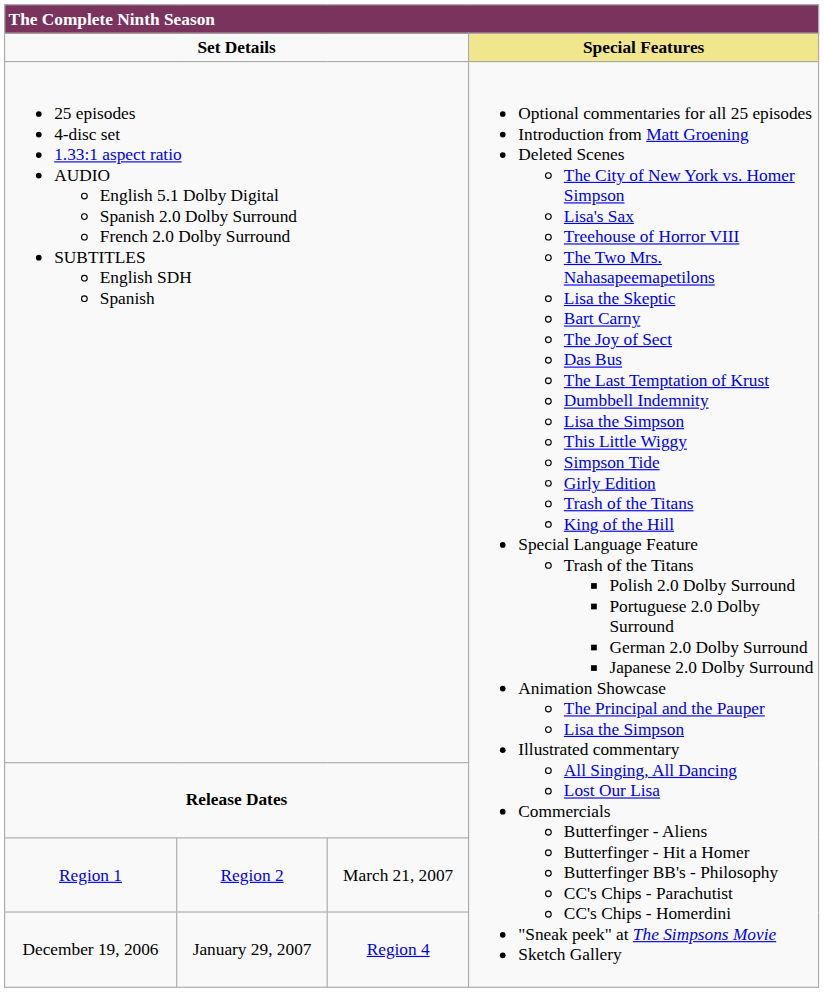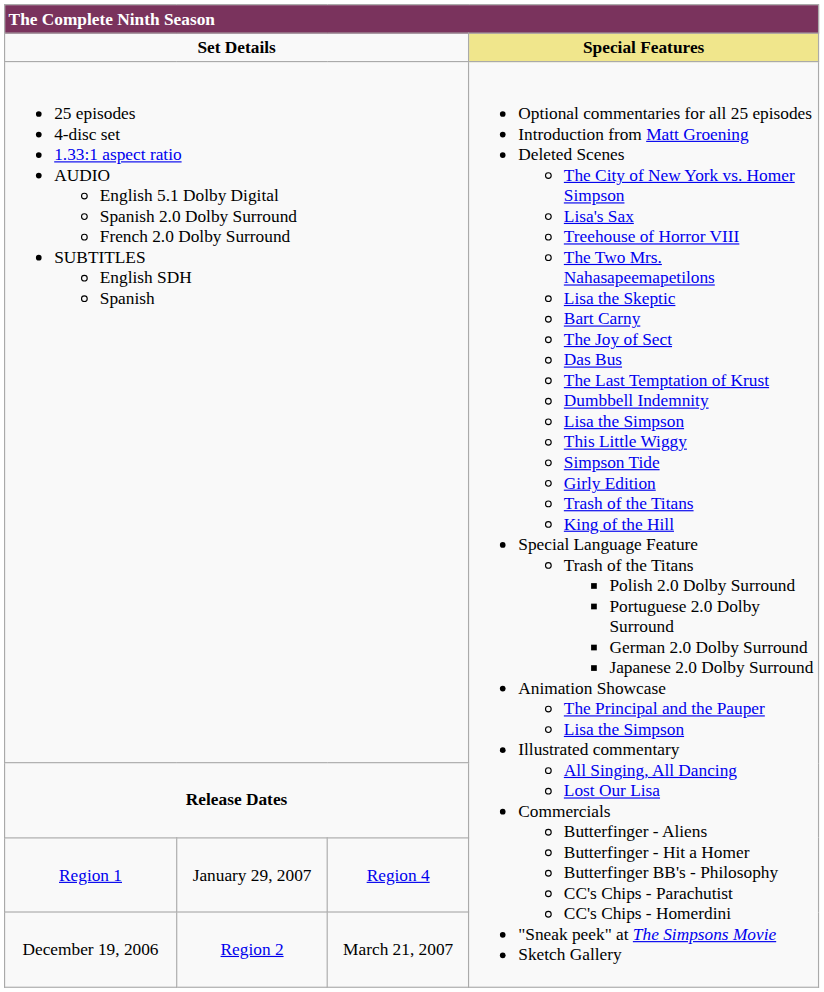 <table class="wikitable" style="font-size: 95%;">
 <tr>
 <td colspan="5" style="background-color: #7a335d; color:#FFFFFF;"><strong>The Complete Ninth Season</strong></td>
 </tr>
 <tr valign="top">
 <td align="center" width="400" colspan="3"><strong>Set Details</strong></td>
 <td width="300" align="center" style="background: khaki;"><strong>Special Features</strong></td>
 </tr>
 <tr valign="top">
 <td colspan="3" align="left" width="400"><br><ul><li>25 episodes</li><li>4-disc set</li><li><a href='#'>1.33:1 aspect ratio</a></li><li>AUDIO<ul><li>English 5.1 Dolby Digital</li><li>Spanish 2.0 Dolby Surround</li><li>French 2.0 Dolby Surround</li></ul></li><li>SUBTITLES<ul><li>English SDH</li><li>Spanish</li></ul></li></ul></td>
 <td rowspan="4" align="left" width="300"><br><ul><li>Optional commentaries for all 25 episodes</li><li>Introduction from <a href='#'>Matt Groening</a></li><li>Deleted Scenes<ul><li><a href='#'>The City of New York vs. Homer Simpson</a></li><li><a href='#'>Lisa's Sax</a></li><li><a href='#'>Treehouse of Horror VIII</a></li><li><a href='#'>The Two Mrs. Nahasapeemapetilons</a></li><li><a href='#'>Lisa the Skeptic</a></li><li><a href='#'>Bart Carny</a></li><li><a href='#'>The Joy of Sect</a></li><li><a href='#'>Das Bus</a></li><li><a href='#'>The Last Temptation of Krust</a></li><li><a href='#'>Dumbbell Indemnity</a></li><li><a href='#'>Lisa the Simpson</a></li><li><a href='#'>This Little Wiggy</a></li><li><a href='#'>Simpson Tide</a></li><li><a href='#'>Girly Edition</a></li><li><a href='#'>Trash of the Titans</a></li><li><a href='#'>King of the Hill</a></li></ul></li><li>Special Language Feature<ul><li>Trash of the Titans<ul><li>Polish 2.0 Dolby Surround</li><li>Portuguese 2.0 Dolby Surround</li><li>German 2.0 Dolby Surround</li><li>Japanese 2.0 Dolby Surround</li></ul></li></ul></li><li>Animation Showcase<ul><li><a href='#'>The Principal and the Pauper</a></li><li><a href='#'>Lisa the Simpson</a></li></ul></li><li>Illustrated commentary<ul><li><a href='#'>All Singing, All Dancing</a></li><li><a href='#'>Lost Our Lisa</a></li></ul></li><li>Commercials<ul><li>Butterfinger - Aliens</li><li>Butterfinger - Hit a Homer</li><li>Butterfinger BB's - Philosophy</li><li>CC's Chips - Parachutist</li><li>CC's Chips - Homerdini</li></ul></li><li>"Sneak peek" at <em><a href='#'>The Simpsons Movie</a></em></li><li>Sketch Gallery</li></ul></td>
 </tr>
 <tr>
 <td colspan="3" align="center"><strong>Release Dates</strong></td>
 </tr>
 <tr>
 <td align="center"><a href='#'>Region 1</a></td>
+<td align="center">January 29, 2007</td>
+<td align="center"><a href='#'>Region 4</a></td>
+</tr>
+<tr>
+<td align="center">December 19, 2006</td>
 <td align="center"><a href='#'>Region 2</a></td>
 <td align="center">March 21, 2007</td>
 </tr>
-<tr>
-<td align="center">December 19, 2006</td>
-<td align="center">January 29, 2007</td>
-<td align="center"><a href='#'>Region 4</a></td>
-</tr>
 </table>
